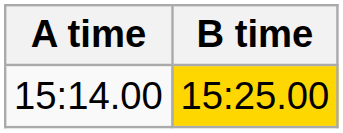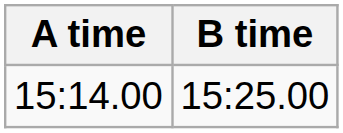 <table class="wikitable" border="1" align="upright">
 <tr>
 <th>A time</th>
 <th>B time</th>
 </tr>
 <tr>
 <td>15:14.00</td>
-<td style="background: gold;">15:25.00</td>
+<td>15:25.00</td>
 </tr>
 </table>
